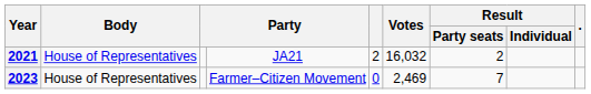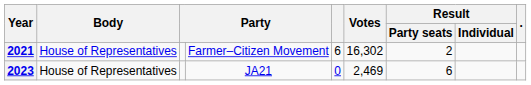 <table class="wikitable plainrowheaders sortable" border=2 cellpadding=4 cellspacing=0 style="border: 1px #aaa solid; font-size: 90%; text-align:center;">
 <tr>
 <th scope="col" rowspan=2>Year</th>
 <th scope="col" rowspan=2>Body</th>
 <th scope="col" colspan=2 rowspan=2>Party</th>
 <th scope="col" rowspan=2></th>
 <th scope="col" rowspan=2>Votes</th>
 <th scope="colgroup" colspan=2>Result</th>
 <th scope="col" rowspan=2 class="unsortable">.</th>
 </tr>
 <tr>
 <th scope="col">Party seats</th>
 <th scope="col">Individual</th>
 </tr>
 <tr>
 <th scope="row"><a href='#'>2021</a></th>
 <td><a href='#'>House of Representatives</a></td>
 <td style="background-color:"></td>
-<td><a href='#'>JA21</a></td>
-<td style=text-align:right>2</td>
-<td style=text-align:right>16,032</td>
+<td><a href='#'>Farmer–Citizen Movement</a></td>
+<td style=text-align:right>6</td>
+<td style=text-align:right>16,302</td>
 <td style=text-align:right>2</td>
 <td></td>
 <td></td>
 </tr>
 <tr>
 <th scope="row"><a href='#'>2023</a></th>
 <td>House of Representatives</td>
 <td style="background-color:"></td>
-<td><a href='#'>Farmer–Citizen Movement</a></td>
+<td><a href='#'>JA21</a></td>
 <td style=text-align:right><a href='#'>0</a></td>
 <td style=text-align:right>2,469</td>
-<td style=text-align:right>7</td>
+<td style=text-align:right>6</td>
 <td></td>
 <td></td>
 </tr>
 </table>
